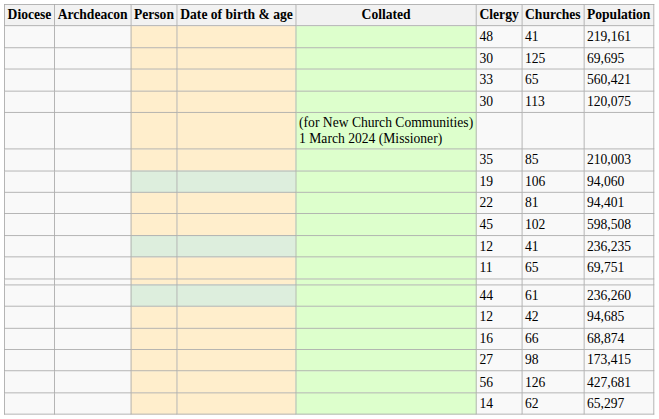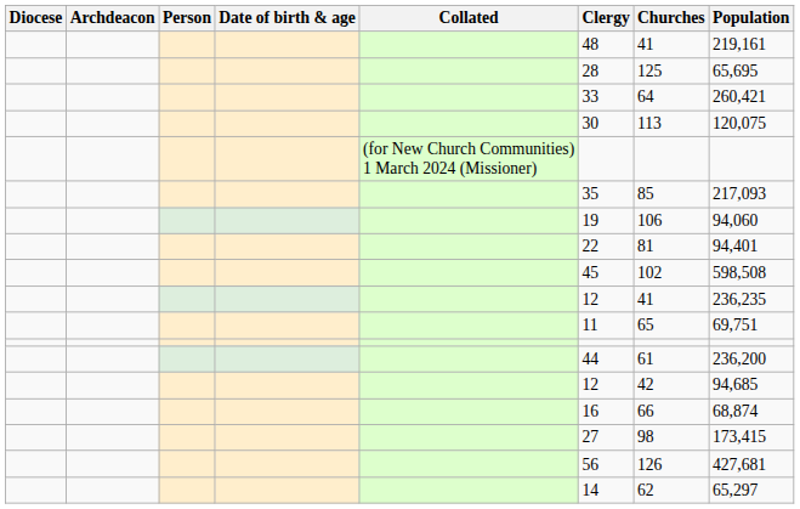 <table class="wikitable sortable">
 <tr>
 <th>Diocese</th>
 <th>Archdeacon</th>
 <th>Person</th>
 <th>Date of birth & age</th>
 <th>Collated</th>
 <th>Clergy</th>
 <th>Churches</th>
 <th>Population</th>
 </tr>
 <tr>
 <td></td>
 <td></td>
 <td style="background: #FFEECC;"></td>
 <td style="background: #FFEECC;"></td>
 <td style="background: #DDFFCC;"></td>
 <td>48</td>
 <td>41</td>
 <td>219,161</td>
 </tr>
 <tr>
 <td></td>
 <td></td>
 <td style="background: #FFEECC;"></td>
 <td style="background: #FFEECC;"></td>
 <td style="background: #DDFFCC;"></td>
-<td>30</td>
+<td>28</td>
 <td>125</td>
-<td>69,695</td>
+<td>65,695</td>
 </tr>
 <tr>
 <td></td>
 <td></td>
 <td style="background: #FFEECC;"></td>
 <td style="background: #FFEECC;"></td>
 <td style="background: #DDFFCC;"></td>
 <td>33</td>
-<td>65</td>
-<td>560,421</td>
+<td>64</td>
+<td>260,421</td>
 </tr>
 <tr>
 <td></td>
 <td></td>
 <td style="background: #FFEECC;"></td>
 <td style="background: #FFEECC;"></td>
 <td style="background: #DDFFCC;"></td>
 <td>30</td>
 <td>113</td>
 <td>120,075</td>
 </tr>
 <tr>
 <td></td>
 <td></td>
 <td style="background: #FFEECC;"></td>
 <td style="background: #FFEECC;"></td>
 <td style="background: #DDFFCC;"> (for New Church Communities)<br>1 March 2024 (Missioner)</td>
 <td></td>
 <td></td>
 <td></td>
 </tr>
 <tr>
 <td></td>
 <td></td>
 <td style="background: #FFEECC;"></td>
 <td style="background: #FFEECC;"></td>
 <td style="background: #DDFFCC;"></td>
 <td>35</td>
 <td>85</td>
-<td>210,003</td>
+<td>217,093</td>
 </tr>
 <tr>
 <td></td>
 <td></td>
 <td style="background: #DDEEDD;"></td>
 <td style="background: #DDEEDD;"></td>
 <td style="background: #DDFFCC;"></td>
 <td>19</td>
 <td>106</td>
 <td>94,060</td>
 </tr>
 <tr>
 <td></td>
 <td></td>
 <td style="background: #FFEECC;"></td>
 <td style="background: #FFEECC;"></td>
 <td style="background: #DDFFCC;"></td>
 <td>22</td>
 <td>81</td>
 <td>94,401</td>
 </tr>
 <tr>
 <td></td>
 <td></td>
 <td style="background: #FFEECC;"></td>
 <td style="background: #FFEECC;"></td>
 <td style="background: #DDFFCC;"></td>
 <td>45</td>
 <td>102</td>
 <td>598,508</td>
 </tr>
 <tr>
 <td></td>
 <td></td>
 <td style="background: #DDEEDD;"></td>
 <td style="background: #DDEEDD;"></td>
 <td style="background: #DDFFCC;"></td>
 <td>12</td>
 <td>41</td>
 <td>236,235</td>
 </tr>
 <tr>
 <td></td>
 <td></td>
 <td style="background: #FFEECC;"></td>
 <td style="background: #FFEECC;"></td>
 <td style="background: #DDFFCC;"></td>
 <td>11</td>
 <td>65</td>
 <td>69,751</td>
 </tr>
 <tr>
 <td></td>
 <td></td>
 <td style="background: #FFEECC;"></td>
 <td style="background: #FFEECC;"></td>
 <td style="background: #DDFFCC;"></td>
 <td></td>
 <td></td>
 <td></td>
 </tr>
 <tr>
 <td></td>
 <td></td>
 <td style="background: #DDEEDD;"></td>
 <td style="background: #DDEEDD;"></td>
 <td style="background: #DDFFCC;"></td>
 <td>44</td>
 <td>61</td>
-<td>236,260</td>
+<td>236,200</td>
 </tr>
 <tr>
 <td></td>
 <td></td>
 <td style="background: #FFEECC;"></td>
 <td style="background: #FFEECC;"></td>
 <td style="background: #DDFFCC;"></td>
 <td>12</td>
 <td>42</td>
 <td>94,685</td>
 </tr>
 <tr>
 <td></td>
 <td></td>
 <td style="background: #FFEECC;"></td>
 <td style="background: #FFEECC;"></td>
 <td style="background: #DDFFCC;"></td>
 <td>16</td>
 <td>66</td>
 <td>68,874</td>
 </tr>
 <tr>
 <td></td>
 <td></td>
 <td style="background: #FFEECC;"></td>
 <td style="background: #FFEECC;"></td>
 <td style="background: #DDFFCC;"></td>
 <td>27</td>
 <td>98</td>
 <td>173,415</td>
 </tr>
 <tr>
 <td></td>
 <td></td>
 <td style="background: #FFEECC;"></td>
 <td style="background: #FFEECC;"></td>
 <td style="background: #DDFFCC;"></td>
 <td>56</td>
 <td>126</td>
 <td>427,681</td>
 </tr>
 <tr>
 <td></td>
 <td></td>
 <td style="background: #FFEECC;"></td>
 <td style="background: #FFEECC;"></td>
 <td style="background: #DDFFCC;"></td>
 <td>14</td>
 <td>62</td>
 <td>65,297</td>
 </tr>
 </table>
